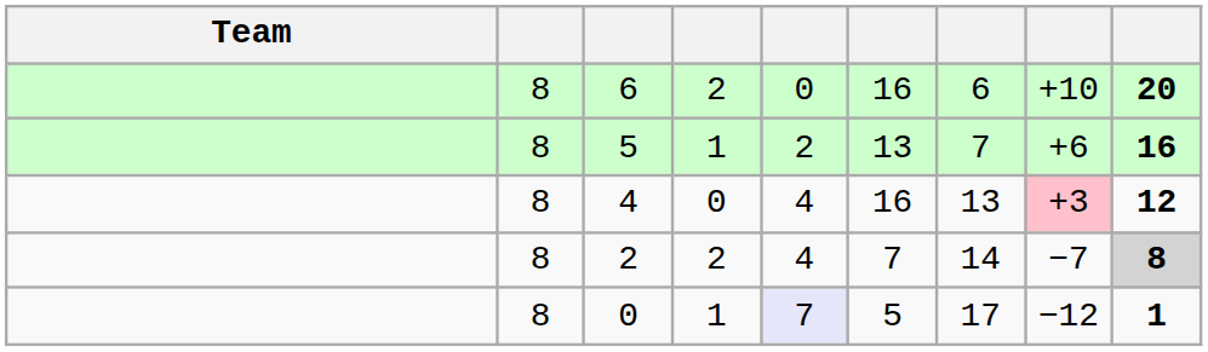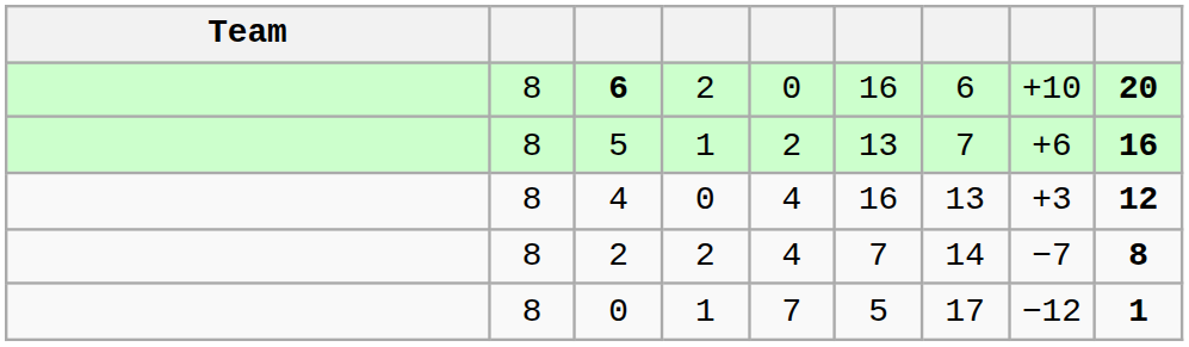 <table class="wikitable" style="text-align: center; font-size: 90%;">
 <tr>
 <th width=165>Team</th>
 <th width=25></th>
 <th width=25></th>
 <th width=25></th>
 <th width=25></th>
 <th width=25></th>
 <th width=25></th>
 <th width=25></th>
 <th width=25></th>
 </tr>
 <tr style="background:#cfc;">
 <td align=left></td>
 <td>8</td>
-<td>6</td>
+<td><strong>6</strong></td>
 <td>2</td>
 <td>0</td>
 <td>16</td>
 <td>6</td>
 <td>+10</td>
 <td><strong>20</strong></td>
 </tr>
 <tr style="background:#cfc;">
 <td align=left></td>
 <td>8</td>
 <td>5</td>
 <td>1</td>
 <td>2</td>
 <td>13</td>
 <td>7</td>
 <td>+6</td>
 <td><strong>16</strong></td>
 </tr>
 <tr>
 <td align=left></td>
 <td>8</td>
 <td>4</td>
 <td>0</td>
 <td>4</td>
 <td>16</td>
 <td>13</td>
-<td style="background: pink;">+3</td>
+<td>+3</td>
 <td><strong>12</strong></td>
 </tr>
 <tr>
 <td align=left></td>
 <td>8</td>
 <td>2</td>
 <td>2</td>
 <td>4</td>
 <td>7</td>
 <td>14</td>
 <td>−7</td>
-<td style="background: lightgrey;"><strong>8</strong></td>
+<td><strong>8</strong></td>
 </tr>
 <tr>
 <td align=left></td>
 <td>8</td>
 <td>0</td>
 <td>1</td>
-<td style="background: lavender;">7</td>
+<td>7</td>
 <td>5</td>
 <td>17</td>
 <td>−12</td>
 <td><strong>1</strong></td>
 </tr>
 </table>
